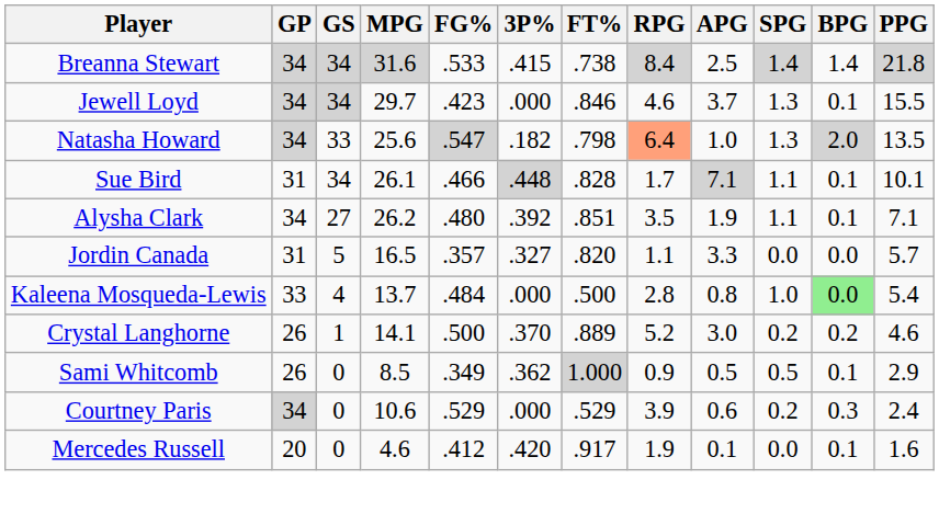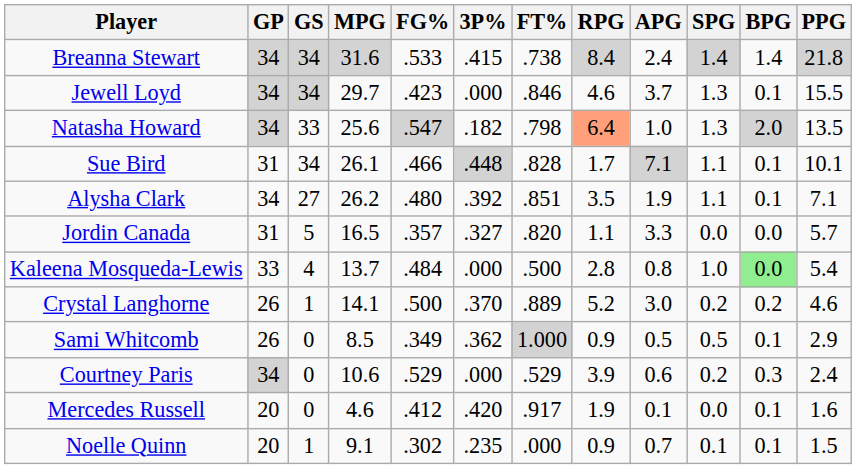 <table class="wikitable sortable" style="text-align:center;">
 <tr>
 <th>Player</th>
 <th>GP</th>
 <th>GS</th>
 <th>MPG</th>
 <th>FG%</th>
 <th>3P%</th>
 <th>FT%</th>
 <th>RPG</th>
 <th>APG</th>
 <th>SPG</th>
 <th>BPG</th>
 <th>PPG</th>
 </tr>
 <tr>
 <td><a href='#'>Breanna Stewart</a></td>
 <td style="background:#D3D3D3;">34</td>
 <td style="background:#D3D3D3;">34</td>
 <td style="background:#D3D3D3;">31.6</td>
 <td>.533</td>
 <td>.415</td>
 <td>.738</td>
 <td style="background:#D3D3D3;">8.4</td>
-<td>2.5</td>
+<td>2.4</td>
 <td style="background:#D3D3D3;">1.4</td>
 <td>1.4</td>
 <td style="background:#D3D3D3;">21.8</td>
 </tr>
 <tr>
 <td><a href='#'>Jewell Loyd</a></td>
 <td style="background:#D3D3D3;">34</td>
 <td style="background:#D3D3D3;">34</td>
 <td>29.7</td>
 <td>.423</td>
 <td>.000</td>
 <td>.846</td>
 <td>4.6</td>
 <td>3.7</td>
 <td>1.3</td>
 <td>0.1</td>
 <td>15.5</td>
 </tr>
 <tr>
 <td><a href='#'>Natasha Howard</a></td>
 <td style="background:#D3D3D3;">34</td>
 <td>33</td>
 <td>25.6</td>
 <td style="background:#D3D3D3;">.547</td>
 <td>.182</td>
 <td>.798</td>
 <td style="background: lightsalmon;">6.4</td>
 <td>1.0</td>
 <td>1.3</td>
 <td style="background:#D3D3D3;">2.0</td>
 <td>13.5</td>
 </tr>
 <tr>
 <td><a href='#'>Sue Bird</a></td>
 <td>31</td>
 <td>34</td>
 <td>26.1</td>
 <td>.466</td>
 <td style="background:#D3D3D3;">.448</td>
 <td>.828</td>
 <td>1.7</td>
 <td style="background:#D3D3D3;">7.1</td>
 <td>1.1</td>
 <td>0.1</td>
 <td>10.1</td>
 </tr>
 <tr>
 <td><a href='#'>Alysha Clark</a></td>
 <td>34</td>
 <td>27</td>
 <td>26.2</td>
 <td>.480</td>
 <td>.392</td>
 <td>.851</td>
 <td>3.5</td>
 <td>1.9</td>
 <td>1.1</td>
 <td>0.1</td>
 <td>7.1</td>
 </tr>
 <tr>
 <td><a href='#'>Jordin Canada</a></td>
 <td>31</td>
 <td>5</td>
 <td>16.5</td>
 <td>.357</td>
 <td>.327</td>
 <td>.820</td>
 <td>1.1</td>
 <td>3.3</td>
 <td>0.0</td>
 <td>0.0</td>
 <td>5.7</td>
 </tr>
 <tr>
 <td><a href='#'>Kaleena Mosqueda-Lewis</a></td>
 <td>33</td>
 <td>4</td>
 <td>13.7</td>
 <td>.484</td>
 <td>.000</td>
 <td>.500</td>
 <td>2.8</td>
 <td>0.8</td>
 <td>1.0</td>
 <td style="background: lightgreen;">0.0</td>
 <td>5.4</td>
 </tr>
 <tr>
 <td><a href='#'>Crystal Langhorne</a></td>
 <td>26</td>
 <td>1</td>
 <td>14.1</td>
 <td>.500</td>
 <td>.370</td>
 <td>.889</td>
 <td>5.2</td>
 <td>3.0</td>
 <td>0.2</td>
 <td>0.2</td>
 <td>4.6</td>
 </tr>
 <tr>
 <td><a href='#'>Sami Whitcomb</a></td>
 <td>26</td>
 <td>0</td>
 <td>8.5</td>
 <td>.349</td>
 <td>.362</td>
 <td style="background:#D3D3D3;">1.000</td>
 <td>0.9</td>
 <td>0.5</td>
 <td>0.5</td>
 <td>0.1</td>
 <td>2.9</td>
 </tr>
 <tr>
 <td><a href='#'>Courtney Paris</a></td>
 <td style="background:#D3D3D3;">34</td>
 <td>0</td>
 <td>10.6</td>
 <td>.529</td>
 <td>.000</td>
 <td>.529</td>
 <td>3.9</td>
 <td>0.6</td>
 <td>0.2</td>
 <td>0.3</td>
 <td>2.4</td>
 </tr>
 <tr>
 <td><a href='#'>Mercedes Russell</a></td>
 <td>20</td>
 <td>0</td>
 <td>4.6</td>
 <td>.412</td>
 <td>.420</td>
 <td>.917</td>
 <td>1.9</td>
 <td>0.1</td>
 <td>0.0</td>
 <td>0.1</td>
 <td>1.6</td>
 </tr>
+<tr>
+<td><a href='#'>Noelle Quinn</a></td>
+<td>20</td>
+<td>1</td>
+<td>9.1</td>
+<td>.302</td>
+<td>.235</td>
+<td>.000</td>
+<td>0.9</td>
+<td>0.7</td>
+<td>0.1</td>
+<td>0.1</td>
+<td>1.5</td>
+</tr>
 </table>
